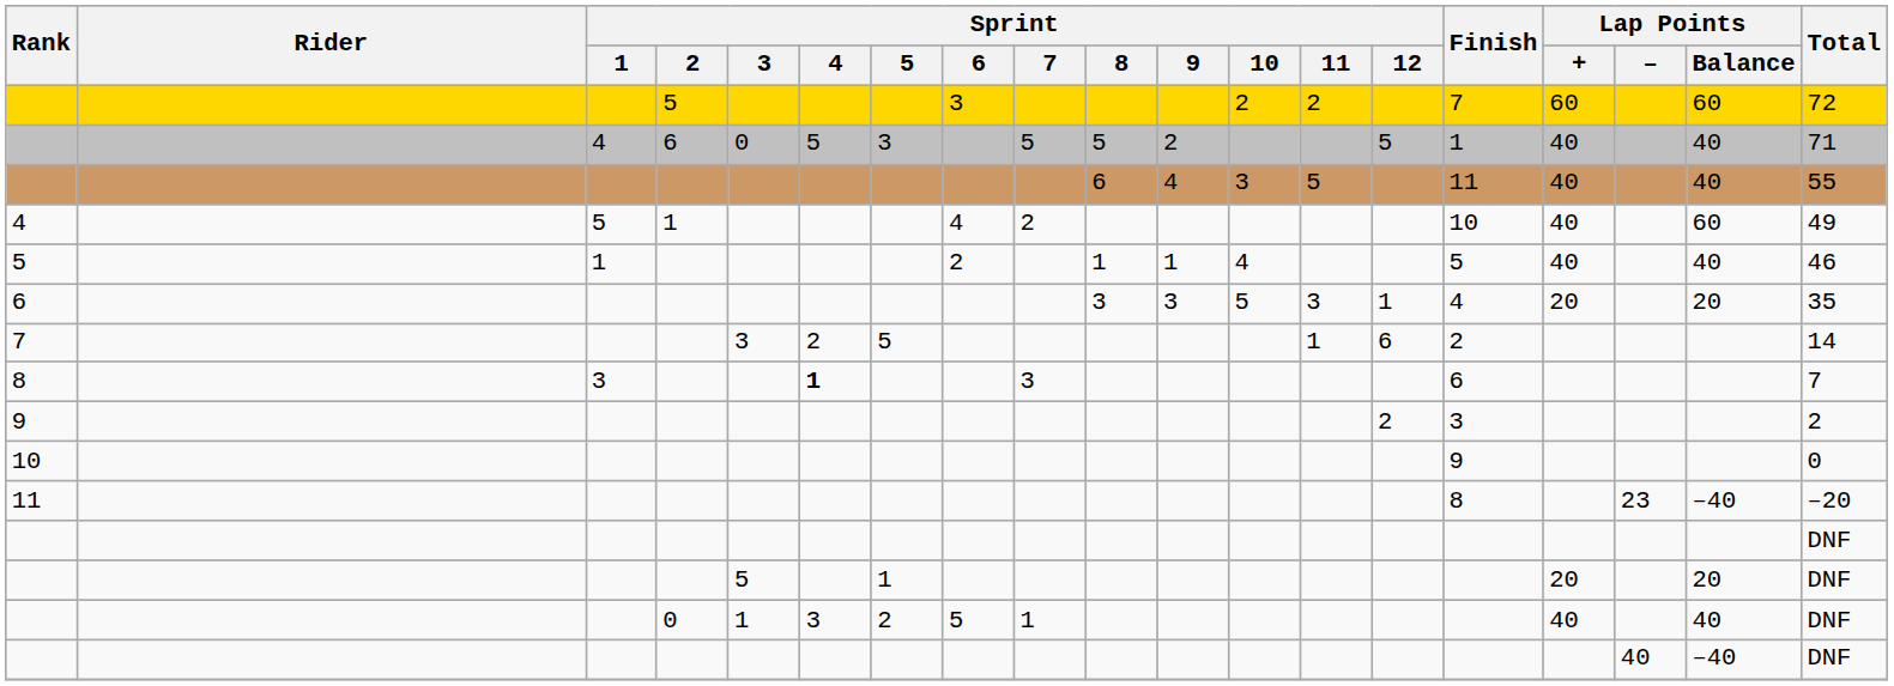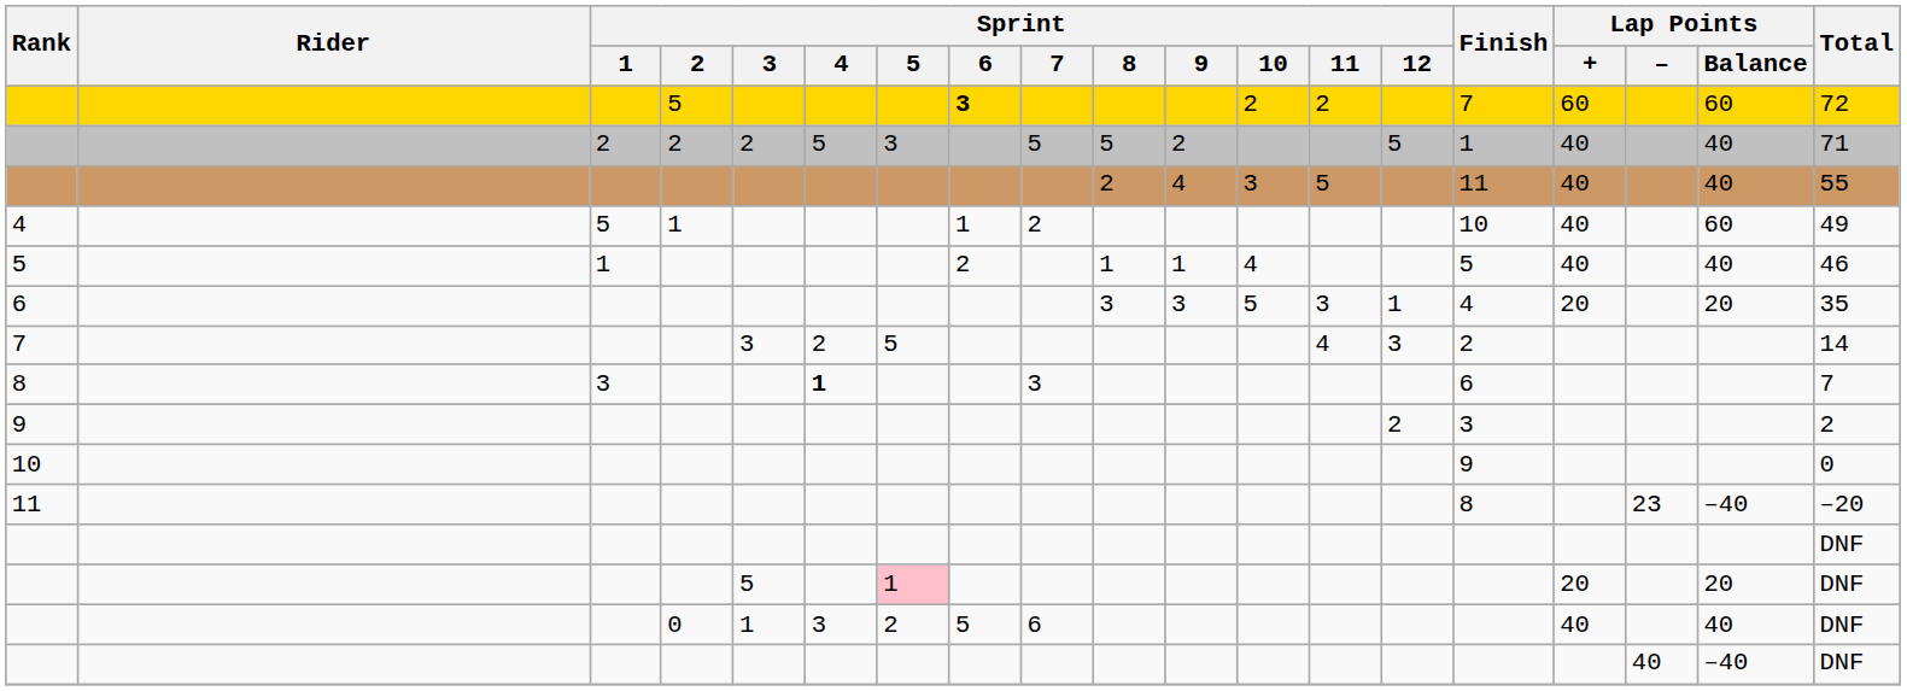 <table class="wikitable" style="font-size:95%" style="width:35em;" style="text-align:center">
 <tr>
 <th rowspan=2>Rank</th>
 <th rowspan=2 width=250>Rider</th>
 <th colspan=12>Sprint</th>
 <th rowspan=2>Finish</th>
 <th colspan=3>Lap Points</th>
 <th rowspan=2>Total</th>
 </tr>
 <tr>
 <th width=30>1</th>
 <th width=30>2</th>
 <th width=30>3</th>
 <th width=30>4</th>
 <th width=30>5</th>
 <th width=30>6</th>
 <th width=30>7</th>
 <th width=30>8</th>
 <th width=30>9</th>
 <th width=30>10</th>
 <th width=30>11</th>
 <th width=30>12</th>
 <th width=30>+</th>
 <th width=30>–</th>
 <th width=40>Balance</th>
 </tr>
 <tr bgcolor=gold>
 <td></td>
 <td align=left></td>
 <td></td>
 <td>5</td>
 <td></td>
 <td></td>
 <td></td>
-<td>3</td>
+<td><strong>3</strong></td>
 <td></td>
 <td></td>
 <td></td>
 <td>2</td>
 <td>2</td>
 <td></td>
 <td>7</td>
 <td>60</td>
 <td></td>
 <td>60</td>
 <td>72</td>
 </tr>
 <tr bgcolor=silver>
 <td></td>
 <td align=left></td>
-<td>4</td>
-<td>6</td>
-<td>0</td>
+<td>2</td>
+<td>2</td>
+<td>2</td>
 <td>5</td>
 <td>3</td>
 <td></td>
 <td>5</td>
 <td>5</td>
 <td>2</td>
 <td></td>
 <td></td>
 <td>5</td>
 <td>1</td>
 <td>40</td>
 <td></td>
 <td>40</td>
 <td>71</td>
 </tr>
 <tr bgcolor=cc9966>
 <td></td>
 <td align=left></td>
 <td></td>
 <td></td>
 <td></td>
 <td></td>
 <td></td>
 <td></td>
 <td></td>
-<td>6</td>
+<td>2</td>
 <td>4</td>
 <td>3</td>
 <td>5</td>
 <td></td>
 <td>11</td>
 <td>40</td>
 <td></td>
 <td>40</td>
 <td>55</td>
 </tr>
 <tr>
 <td>4</td>
 <td align=left></td>
 <td>5</td>
 <td>1</td>
 <td></td>
 <td></td>
 <td></td>
-<td>4</td>
+<td>1</td>
 <td>2</td>
 <td></td>
 <td></td>
 <td></td>
 <td></td>
 <td></td>
 <td>10</td>
 <td>40</td>
 <td></td>
 <td>60</td>
 <td>49</td>
 </tr>
 <tr>
 <td>5</td>
 <td align=left></td>
 <td>1</td>
 <td></td>
 <td></td>
 <td></td>
 <td></td>
 <td>2</td>
 <td></td>
 <td>1</td>
 <td>1</td>
 <td>4</td>
 <td></td>
 <td></td>
 <td>5</td>
 <td>40</td>
 <td></td>
 <td>40</td>
 <td>46</td>
 </tr>
 <tr>
 <td>6</td>
 <td align=left></td>
 <td></td>
 <td></td>
 <td></td>
 <td></td>
 <td></td>
 <td></td>
 <td></td>
 <td>3</td>
 <td>3</td>
 <td>5</td>
 <td>3</td>
 <td>1</td>
 <td>4</td>
 <td>20</td>
 <td></td>
 <td>20</td>
 <td>35</td>
 </tr>
 <tr>
 <td>7</td>
 <td align=left></td>
 <td></td>
 <td></td>
 <td>3</td>
 <td>2</td>
 <td>5</td>
 <td></td>
 <td></td>
 <td></td>
 <td></td>
 <td></td>
-<td>1</td>
-<td>6</td>
+<td>4</td>
+<td>3</td>
 <td>2</td>
 <td></td>
 <td></td>
 <td></td>
 <td>14</td>
 </tr>
 <tr>
 <td>8</td>
 <td align=left></td>
 <td>3</td>
 <td></td>
 <td></td>
 <td><strong>1</strong></td>
 <td></td>
 <td></td>
 <td>3</td>
 <td></td>
 <td></td>
 <td></td>
 <td></td>
 <td></td>
 <td>6</td>
 <td></td>
 <td></td>
 <td></td>
 <td>7</td>
 </tr>
 <tr>
 <td>9</td>
 <td align=left></td>
 <td></td>
 <td></td>
 <td></td>
 <td></td>
 <td></td>
 <td></td>
 <td></td>
 <td></td>
 <td></td>
 <td></td>
 <td></td>
 <td>2</td>
 <td>3</td>
 <td></td>
 <td></td>
 <td></td>
 <td>2</td>
 </tr>
 <tr>
 <td>10</td>
 <td align=left></td>
 <td></td>
 <td></td>
 <td></td>
 <td></td>
 <td></td>
 <td></td>
 <td></td>
 <td></td>
 <td></td>
 <td></td>
 <td></td>
 <td></td>
 <td>9</td>
 <td></td>
 <td></td>
 <td></td>
 <td>0</td>
 </tr>
 <tr>
 <td>11</td>
 <td align=left></td>
 <td></td>
 <td></td>
 <td></td>
 <td></td>
 <td></td>
 <td></td>
 <td></td>
 <td></td>
 <td></td>
 <td></td>
 <td></td>
 <td></td>
 <td>8</td>
 <td></td>
 <td>23</td>
 <td>–40</td>
 <td>–20</td>
 </tr>
 <tr>
 <td></td>
 <td align=left></td>
 <td></td>
 <td></td>
 <td></td>
 <td></td>
 <td></td>
 <td></td>
 <td></td>
 <td></td>
 <td></td>
 <td></td>
 <td></td>
 <td></td>
 <td></td>
 <td></td>
 <td></td>
 <td></td>
 <td>DNF</td>
 </tr>
 <tr>
 <td></td>
 <td align=left></td>
 <td></td>
 <td></td>
 <td>5</td>
 <td></td>
-<td>1</td>
+<td style="background: pink;">1</td>
 <td></td>
 <td></td>
 <td></td>
 <td></td>
 <td></td>
 <td></td>
 <td></td>
 <td></td>
 <td>20</td>
 <td></td>
 <td>20</td>
 <td>DNF</td>
 </tr>
 <tr>
 <td></td>
 <td align=left></td>
 <td></td>
 <td>0</td>
 <td>1</td>
 <td>3</td>
 <td>2</td>
 <td>5</td>
-<td>1</td>
+<td>6</td>
 <td></td>
 <td></td>
 <td></td>
 <td></td>
 <td></td>
 <td></td>
 <td>40</td>
 <td></td>
 <td>40</td>
 <td>DNF</td>
 </tr>
 <tr>
 <td></td>
 <td align=left></td>
 <td></td>
 <td></td>
 <td></td>
 <td></td>
 <td></td>
 <td></td>
 <td></td>
 <td></td>
 <td></td>
 <td></td>
 <td></td>
 <td></td>
 <td></td>
 <td></td>
 <td>40</td>
 <td>–40</td>
 <td>DNF</td>
 </tr>
 <tr>
 </tr>
 </table>
